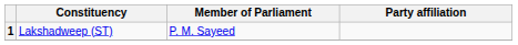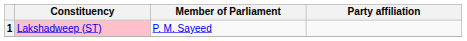 <table class="wikitable sortable">
 <tr style="text-align:center;">
 <th></th>
 <th style="width:13em">Constituency</th>
 <th style="width:15em">Member of Parliament</th>
 <th colspan="2" style="width:15em">Party affiliation</th>
 </tr>
 <tr>
 <th>1</th>
-<td><a href='#'>Lakshadweep (ST)</a></td>
+<td style="background: pink;"><a href='#'>Lakshadweep (ST)</a></td>
 <td><a href='#'>P. M. Sayeed</a></td>
 <td></td>
 </tr>
 <tr>
 </tr>
 </table>
